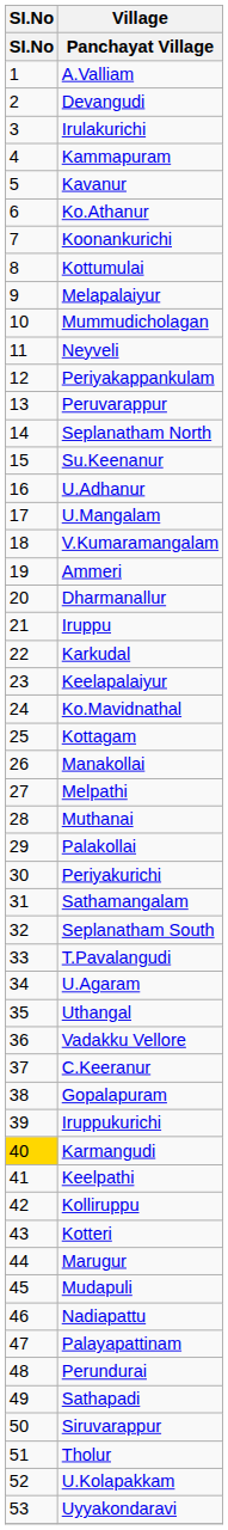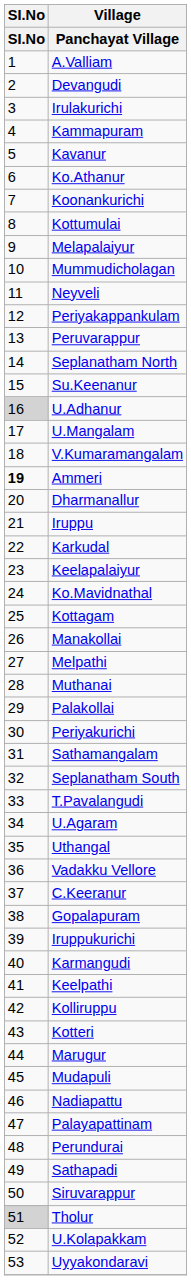 <table class="wikitable">
 <tr>
 <th>SI.No</th>
 <th>Village</th>
 </tr>
 <tr>
 <th>SI.No</th>
 <th>Panchayat Village</th>
 </tr>
 <tr>
 <td>1</td>
 <td><a href='#'>A.Valliam</a></td>
 </tr>
 <tr>
 <td>2</td>
 <td><a href='#'>Devangudi</a></td>
 </tr>
 <tr>
 <td>3</td>
 <td><a href='#'>Irulakurichi</a></td>
 </tr>
 <tr>
 <td>4</td>
 <td><a href='#'>Kammapuram</a></td>
 </tr>
 <tr>
 <td>5</td>
 <td><a href='#'>Kavanur</a></td>
 </tr>
 <tr>
 <td>6</td>
 <td><a href='#'>Ko.Athanur</a></td>
 </tr>
 <tr>
 <td>7</td>
 <td><a href='#'>Koonankurichi</a></td>
 </tr>
 <tr>
 <td>8</td>
 <td><a href='#'>Kottumulai</a></td>
 </tr>
 <tr>
 <td>9</td>
 <td><a href='#'>Melapalaiyur</a></td>
 </tr>
 <tr>
 <td>10</td>
 <td><a href='#'>Mummudicholagan</a></td>
 </tr>
 <tr>
 <td>11</td>
 <td><a href='#'>Neyveli</a></td>
 </tr>
 <tr>
 <td>12</td>
 <td><a href='#'>Periyakappankulam</a></td>
 </tr>
 <tr>
 <td>13</td>
 <td><a href='#'>Peruvarappur</a></td>
 </tr>
 <tr>
 <td>14</td>
 <td><a href='#'>Seplanatham North</a></td>
 </tr>
 <tr>
 <td>15</td>
 <td><a href='#'>Su.Keenanur</a></td>
 </tr>
 <tr>
-<td>16</td>
+<td style="background: lightgrey;">16</td>
 <td><a href='#'>U.Adhanur</a></td>
 </tr>
 <tr>
 <td>17</td>
 <td><a href='#'>U.Mangalam</a></td>
 </tr>
 <tr>
 <td>18</td>
 <td><a href='#'>V.Kumaramangalam</a></td>
 </tr>
 <tr>
-<td>19</td>
+<td><strong>19</strong></td>
 <td><a href='#'>Ammeri</a></td>
 </tr>
 <tr>
 <td>20</td>
 <td><a href='#'>Dharmanallur</a></td>
 </tr>
 <tr>
 <td>21</td>
 <td><a href='#'>Iruppu</a></td>
 </tr>
 <tr>
 <td>22</td>
 <td><a href='#'>Karkudal</a></td>
 </tr>
 <tr>
 <td>23</td>
 <td><a href='#'>Keelapalaiyur</a></td>
 </tr>
 <tr>
 <td>24</td>
 <td><a href='#'>Ko.Mavidnathal</a></td>
 </tr>
 <tr>
 <td>25</td>
 <td><a href='#'>Kottagam</a></td>
 </tr>
 <tr>
 <td>26</td>
 <td><a href='#'>Manakollai</a></td>
 </tr>
 <tr>
 <td>27</td>
 <td><a href='#'>Melpathi</a></td>
 </tr>
 <tr>
 <td>28</td>
 <td><a href='#'>Muthanai</a></td>
 </tr>
 <tr>
 <td>29</td>
 <td><a href='#'>Palakollai</a></td>
 </tr>
 <tr>
 <td>30</td>
 <td><a href='#'>Periyakurichi</a></td>
 </tr>
 <tr>
 <td>31</td>
 <td><a href='#'>Sathamangalam</a></td>
 </tr>
 <tr>
 <td>32</td>
 <td><a href='#'>Seplanatham South</a></td>
 </tr>
 <tr>
 <td>33</td>
 <td><a href='#'>T.Pavalangudi</a></td>
 </tr>
 <tr>
 <td>34</td>
 <td><a href='#'>U.Agaram</a></td>
 </tr>
 <tr>
 <td>35</td>
 <td><a href='#'>Uthangal</a></td>
 </tr>
 <tr>
 <td>36</td>
 <td><a href='#'>Vadakku Vellore</a></td>
 </tr>
 <tr>
 <td>37</td>
 <td><a href='#'>C.Keeranur</a></td>
 </tr>
 <tr>
 <td>38</td>
 <td><a href='#'>Gopalapuram</a></td>
 </tr>
 <tr>
 <td>39</td>
 <td><a href='#'>Iruppukurichi</a></td>
 </tr>
 <tr>
-<td style="background: gold;">40</td>
+<td>40</td>
 <td><a href='#'>Karmangudi</a></td>
 </tr>
 <tr>
 <td>41</td>
 <td><a href='#'>Keelpathi</a></td>
 </tr>
 <tr>
 <td>42</td>
 <td><a href='#'>Kolliruppu</a></td>
 </tr>
 <tr>
 <td>43</td>
 <td><a href='#'>Kotteri</a></td>
 </tr>
 <tr>
 <td>44</td>
 <td><a href='#'>Marugur</a></td>
 </tr>
 <tr>
 <td>45</td>
 <td><a href='#'>Mudapuli</a></td>
 </tr>
 <tr>
 <td>46</td>
 <td><a href='#'>Nadiapattu</a></td>
 </tr>
 <tr>
 <td>47</td>
 <td><a href='#'>Palayapattinam</a></td>
 </tr>
 <tr>
 <td>48</td>
 <td><a href='#'>Perundurai</a></td>
 </tr>
 <tr>
 <td>49</td>
 <td><a href='#'>Sathapadi</a></td>
 </tr>
 <tr>
 <td>50</td>
 <td><a href='#'>Siruvarappur</a></td>
 </tr>
 <tr>
-<td>51</td>
+<td style="background: lightgrey;">51</td>
 <td><a href='#'>Tholur</a></td>
 </tr>
 <tr>
 <td>52</td>
 <td><a href='#'>U.Kolapakkam</a></td>
 </tr>
 <tr>
 <td>53</td>
 <td><a href='#'>Uyyakondaravi</a></td>
 </tr>
 <tr>
 </tr>
 </table>
